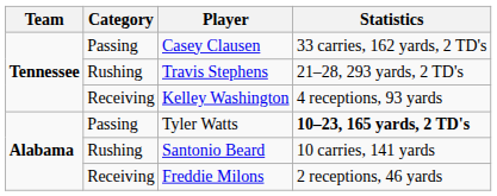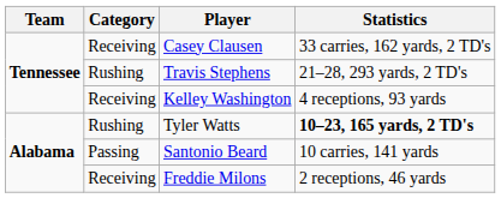 <table class="wikitable" style="float: right;">
 <tr>
 <th>Team</th>
 <th>Category</th>
 <th>Player</th>
 <th>Statistics</th>
 </tr>
 <tr>
 <td rowspan=3><strong>Tennessee</strong></td>
-<td>Passing</td>
+<td>Receiving</td>
 <td><a href='#'>Casey Clausen</a></td>
 <td>33 carries, 162 yards, 2 TD's</td>
 </tr>
 <tr>
 <td>Rushing</td>
 <td><a href='#'>Travis Stephens</a></td>
 <td>21–28, 293 yards, 2 TD's</td>
 </tr>
 <tr>
 <td>Receiving</td>
 <td><a href='#'>Kelley Washington</a></td>
 <td>4 receptions, 93 yards</td>
 </tr>
 <tr>
 <td rowspan=3><strong>Alabama</strong></td>
-<td>Passing</td>
+<td>Rushing</td>
 <td>Tyler Watts</td>
 <td><strong>10–23, 165 yards, 2 TD's</strong></td>
 </tr>
 <tr>
-<td>Rushing</td>
+<td>Passing</td>
 <td><a href='#'>Santonio Beard</a></td>
 <td>10 carries, 141 yards</td>
 </tr>
 <tr>
 <td>Receiving</td>
 <td><a href='#'>Freddie Milons</a></td>
 <td>2 receptions, 46 yards</td>
 </tr>
 </table>
